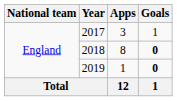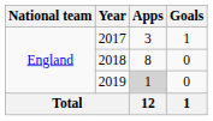 <table class="wikitable" style="text-align:center">
 <tr>
 <th>National team</th>
 <th>Year</th>
 <th>Apps</th>
 <th>Goals</th>
 </tr>
 <tr>
 <td rowspan="3"><a href='#'>England</a></td>
 <td>2017</td>
 <td>3</td>
 <td>1</td>
 </tr>
 <tr>
 <td>2018</td>
 <td>8</td>
-<td><strong>0</strong></td>
+<td>0</td>
 </tr>
 <tr>
 <td>2019</td>
-<td>1</td>
-<td><strong>0</strong></td>
+<td style="background: lightgrey;">1</td>
+<td>0</td>
 </tr>
 <tr>
 <th colspan="2">Total</th>
 <th>12</th>
 <th>1</th>
 </tr>
 </table>
